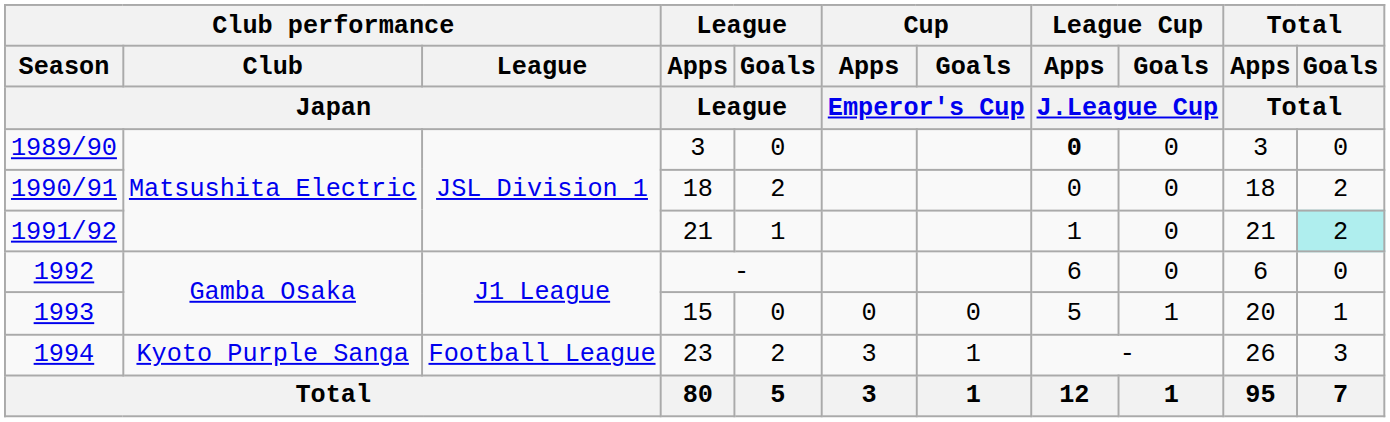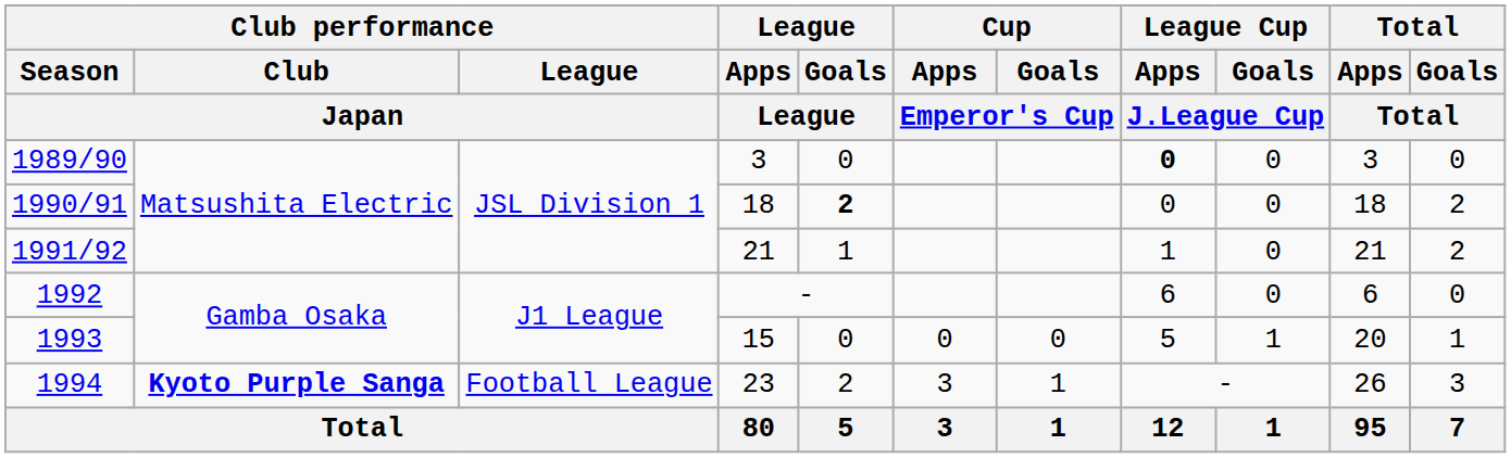 <table class="wikitable" style="text-align:center;">
 <tr>
 <th colspan=3>Club performance</th>
 <th colspan=2>League</th>
 <th colspan=2>Cup</th>
 <th colspan=2>League Cup</th>
 <th colspan=2>Total</th>
 </tr>
 <tr>
 <th>Season</th>
 <th>Club</th>
 <th>League</th>
 <th>Apps</th>
 <th>Goals</th>
 <th>Apps</th>
 <th>Goals</th>
 <th>Apps</th>
 <th>Goals</th>
 <th>Apps</th>
 <th>Goals</th>
 </tr>
 <tr>
 <th colspan=3>Japan</th>
 <th colspan=2>League</th>
 <th colspan=2><a href='#'>Emperor's Cup</a></th>
 <th colspan=2><a href='#'>J.League Cup</a></th>
 <th colspan=2>Total</th>
 </tr>
 <tr>
 <td><a href='#'>1989/90</a></td>
 <td rowspan=3><a href='#'>Matsushita Electric</a></td>
 <td rowspan=3><a href='#'>JSL Division 1</a></td>
 <td>3</td>
 <td>0</td>
 <td></td>
 <td></td>
 <td><strong>0</strong></td>
 <td>0</td>
 <td>3</td>
 <td>0</td>
 </tr>
 <tr>
 <td><a href='#'>1990/91</a></td>
 <td>18</td>
-<td>2</td>
+<td><strong>2</strong></td>
 <td></td>
 <td></td>
 <td>0</td>
 <td>0</td>
 <td>18</td>
 <td>2</td>
 </tr>
 <tr>
 <td><a href='#'>1991/92</a></td>
 <td>21</td>
 <td>1</td>
 <td></td>
 <td></td>
 <td>1</td>
 <td>0</td>
 <td>21</td>
-<td style="background: paleturquoise;">2</td>
+<td>2</td>
 </tr>
 <tr>
 <td><a href='#'>1992</a></td>
 <td rowspan=2><a href='#'>Gamba Osaka</a></td>
 <td rowspan=2><a href='#'>J1 League</a></td>
 <td colspan=2>-</td>
 <td></td>
 <td></td>
 <td>6</td>
 <td>0</td>
 <td>6</td>
 <td>0</td>
 </tr>
 <tr>
 <td><a href='#'>1993</a></td>
 <td>15</td>
 <td>0</td>
 <td>0</td>
 <td>0</td>
 <td>5</td>
 <td>1</td>
 <td>20</td>
 <td>1</td>
 </tr>
 <tr>
 <td><a href='#'>1994</a></td>
-<td><a href='#'>Kyoto Purple Sanga</a></td>
+<td><strong><a href='#'>Kyoto Purple Sanga</a></strong></td>
 <td><a href='#'>Football League</a></td>
 <td>23</td>
 <td>2</td>
 <td>3</td>
 <td>1</td>
 <td colspan=2>-</td>
 <td>26</td>
 <td>3</td>
 </tr>
 <tr>
 <th colspan=3>Total</th>
 <th>80</th>
 <th>5</th>
 <th>3</th>
 <th>1</th>
 <th>12</th>
 <th>1</th>
 <th>95</th>
 <th>7</th>
 </tr>
 </table>
